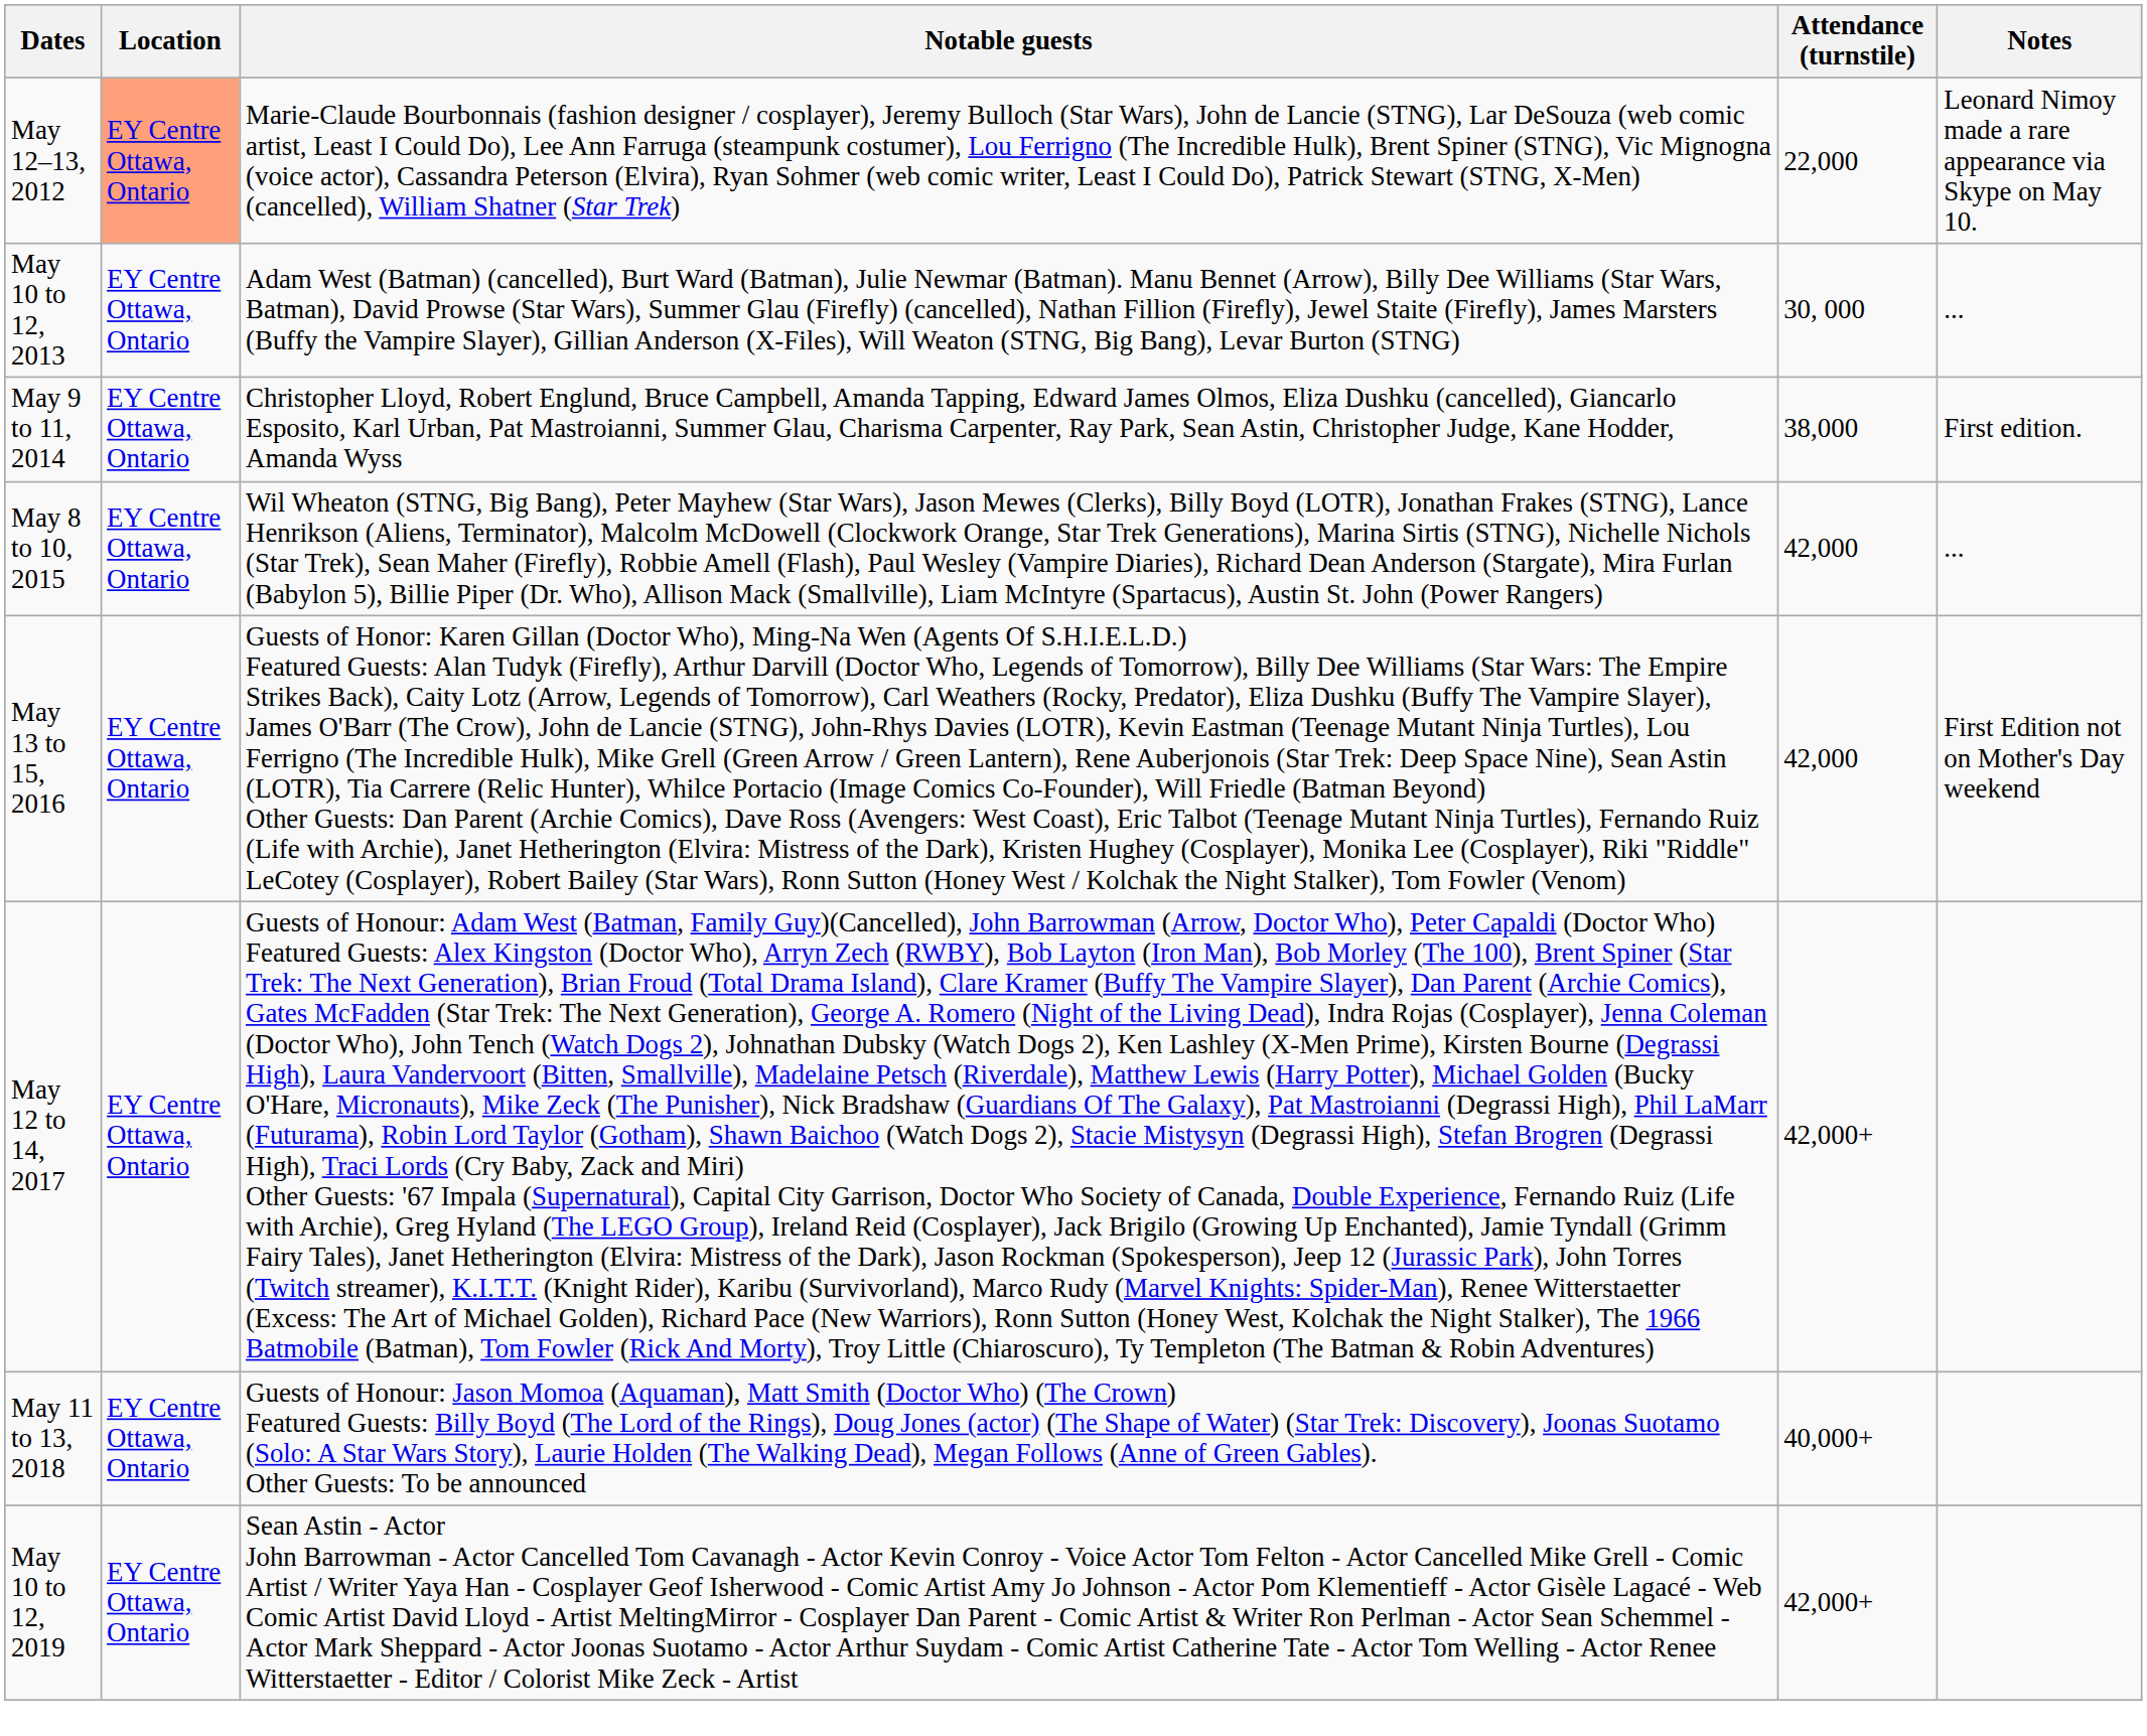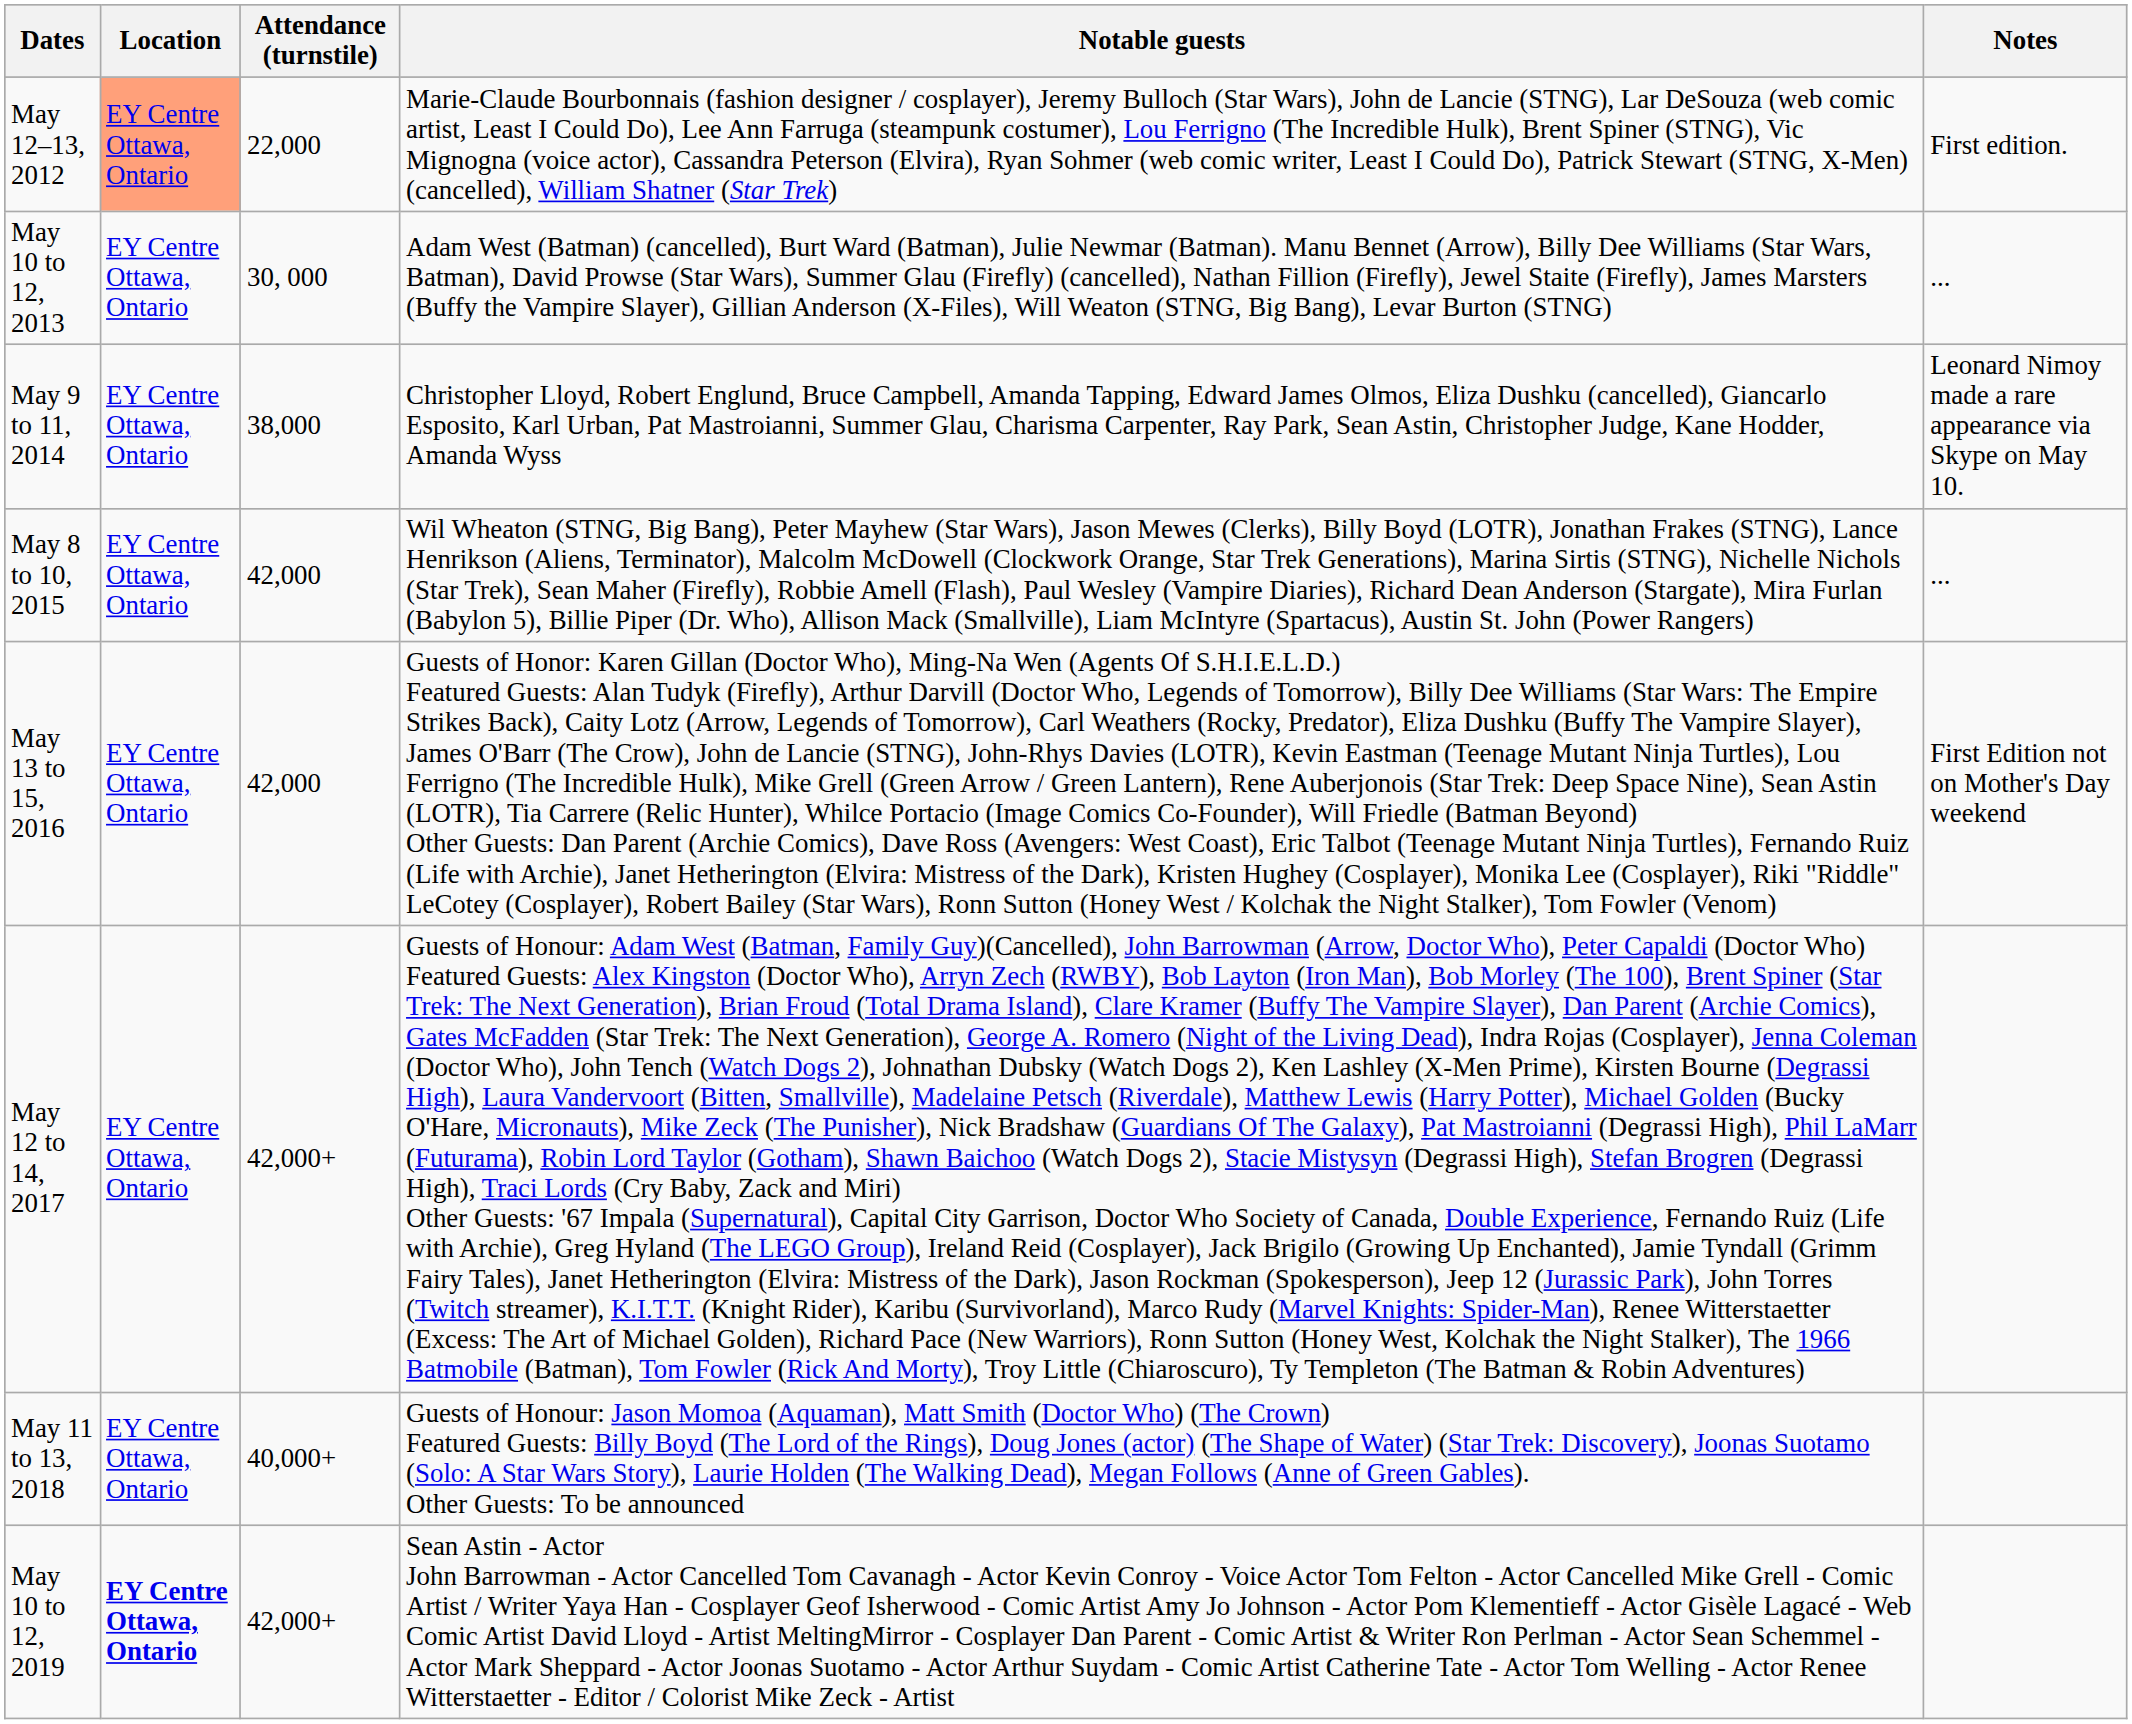 <table class="wikitable" width="100%">
 <tr>
 <th>Dates</th>
 <th>Location</th>
+<th>Attendance (turnstile)</th>
 <th>Notable guests</th>
-<th>Attendance (turnstile)</th>
 <th>Notes</th>
 </tr>
 <tr>
 <td>May 12–13, 2012</td>
 <td style="background: lightsalmon;"><a href='#'>EY Centre</a><br><a href='#'>Ottawa, Ontario</a></td>
+<td>22,000</td>
 <td>Marie-Claude Bourbonnais (fashion designer / cosplayer), Jeremy Bulloch (Star Wars), John de Lancie (STNG), Lar DeSouza (web comic artist, Least I Could Do), Lee Ann Farruga (steampunk costumer), <a href='#'>Lou Ferrigno</a> (The Incredible Hulk), Brent Spiner (STNG), Vic Mignogna (voice actor), Cassandra Peterson (Elvira), Ryan Sohmer (web comic writer, Least I Could Do), Patrick Stewart (STNG, X-Men) (cancelled), <a href='#'>William Shatner</a> (<em><a href='#'>Star Trek</a></em>)</td>
-<td>22,000</td>
-<td>Leonard Nimoy made a rare appearance via Skype on May 10.</td>
+<td>First edition.</td>
 </tr>
 <tr>
 <td>May 10 to 12, 2013</td>
 <td><a href='#'>EY Centre</a><br><a href='#'>Ottawa, Ontario</a></td>
+<td>30, 000 </td>
 <td>Adam West (Batman) (cancelled), Burt Ward (Batman), Julie Newmar (Batman). Manu Bennet (Arrow), Billy Dee Williams (Star Wars, Batman), David Prowse (Star Wars), Summer Glau (Firefly) (cancelled), Nathan Fillion (Firefly), Jewel Staite (Firefly), James Marsters (Buffy the Vampire Slayer), Gillian Anderson (X-Files), Will Weaton (STNG, Big Bang), Levar Burton (STNG)</td>
-<td>30, 000 </td>
 <td>...</td>
 </tr>
 <tr>
 <td>May 9 to 11, 2014</td>
 <td><a href='#'>EY Centre</a><br><a href='#'>Ottawa, Ontario</a></td>
+<td>38,000 </td>
 <td>Christopher Lloyd, Robert Englund, Bruce Campbell, Amanda Tapping, Edward James Olmos, Eliza Dushku (cancelled), Giancarlo Esposito, Karl Urban, Pat Mastroianni, Summer Glau, Charisma Carpenter, Ray Park, Sean Astin, Christopher Judge, Kane Hodder, Amanda Wyss</td>
-<td>38,000 </td>
-<td>First edition.</td>
+<td>Leonard Nimoy made a rare appearance via Skype on May 10.</td>
 </tr>
 <tr>
 <td>May 8 to 10, 2015</td>
 <td><a href='#'>EY Centre</a><br><a href='#'>Ottawa, Ontario</a></td>
+<td>42,000</td>
 <td>Wil Wheaton (STNG, Big Bang), Peter Mayhew (Star Wars), Jason Mewes (Clerks), Billy Boyd (LOTR), Jonathan Frakes (STNG), Lance Henrikson (Aliens, Terminator), Malcolm McDowell (Clockwork Orange, Star Trek Generations), Marina Sirtis (STNG), Nichelle Nichols (Star Trek),  Sean Maher (Firefly), Robbie Amell (Flash), Paul Wesley (Vampire Diaries), Richard Dean Anderson (Stargate), Mira Furlan (Babylon 5), Billie Piper (Dr. Who), Allison Mack (Smallville), Liam McIntyre (Spartacus), Austin St. John (Power Rangers)</td>
-<td>42,000</td>
 <td>...</td>
 </tr>
 <tr>
 <td>May 13 to 15, 2016</td>
 <td><a href='#'>EY Centre</a><br><a href='#'>Ottawa, Ontario</a></td>
+<td>42,000 </td>
 <td>Guests of Honor: Karen Gillan (Doctor Who), Ming-Na Wen (Agents Of S.H.I.E.L.D.)<br>Featured Guests: Alan Tudyk (Firefly), Arthur Darvill (Doctor Who, Legends of Tomorrow), Billy Dee Williams (Star Wars: The Empire Strikes Back), Caity Lotz (Arrow, Legends of Tomorrow), Carl Weathers (Rocky, Predator), Eliza Dushku (Buffy The Vampire Slayer), James O'Barr (The Crow), John de Lancie (STNG), John-Rhys Davies (LOTR), Kevin Eastman (Teenage Mutant Ninja Turtles), Lou Ferrigno (The Incredible Hulk), Mike Grell (Green Arrow / Green Lantern), Rene Auberjonois (Star Trek: Deep Space Nine), Sean Astin (LOTR), Tia Carrere (Relic Hunter), Whilce Portacio (Image Comics Co-Founder), Will Friedle (Batman Beyond)<br>Other Guests: Dan Parent (Archie Comics), Dave Ross (Avengers: West Coast), Eric Talbot (Teenage Mutant Ninja Turtles), Fernando Ruiz (Life with Archie), Janet Hetherington (Elvira: Mistress of the Dark), Kristen Hughey (Cosplayer), Monika Lee (Cosplayer), Riki "Riddle" LeCotey (Cosplayer), Robert Bailey (Star Wars), Ronn Sutton (Honey West / Kolchak the Night Stalker), Tom Fowler (Venom)</td>
-<td>42,000 </td>
 <td>First Edition not on Mother's Day weekend</td>
 </tr>
 <tr>
 <td>May 12 to 14, 2017</td>
 <td><a href='#'>EY Centre</a> <a href='#'>Ottawa, Ontario</a></td>
+<td>42,000+</td>
 <td>Guests of Honour: <a href='#'>Adam West</a> (<a href='#'>Batman</a>, <a href='#'>Family Guy</a>)(Cancelled), <a href='#'>John Barrowman</a> (<a href='#'>Arrow</a>, <a href='#'>Doctor Who</a>), <a href='#'>Peter Capaldi</a> (Doctor Who)<br>Featured Guests: <a href='#'>Alex Kingston</a> (Doctor Who), <a href='#'>Arryn Zech</a> (<a href='#'>RWBY</a>), <a href='#'>Bob Layton</a> (<a href='#'>Iron Man</a>), <a href='#'>Bob Morley</a> (<a href='#'>The 100</a>), <a href='#'>Brent Spiner</a> (<a href='#'>Star Trek: The Next Generation</a>), <a href='#'>Brian Froud</a> (<a href='#'>Total Drama Island</a>), <a href='#'>Clare Kramer</a> (<a href='#'>Buffy The Vampire Slayer</a>), <a href='#'>Dan Parent</a> (<a href='#'>Archie Comics</a>), <a href='#'>Gates McFadden</a> (Star Trek: The Next Generation), <a href='#'>George A. Romero</a> (<a href='#'>Night of the Living Dead</a>), Indra Rojas (Cosplayer), <a href='#'>Jenna Coleman</a> (Doctor Who), John Tench (<a href='#'>Watch Dogs 2</a>), Johnathan Dubsky (Watch Dogs 2), Ken Lashley (X-Men Prime), Kirsten Bourne (<a href='#'>Degrassi High</a>), <a href='#'>Laura Vandervoort</a> (<a href='#'>Bitten</a>, <a href='#'>Smallville</a>), <a href='#'>Madelaine Petsch</a> (<a href='#'>Riverdale</a>), <a href='#'>Matthew Lewis</a> (<a href='#'>Harry Potter</a>), <a href='#'>Michael Golden</a> (Bucky O'Hare, <a href='#'>Micronauts</a>), <a href='#'>Mike Zeck</a> (<a href='#'>The Punisher</a>), Nick Bradshaw (<a href='#'>Guardians Of The Galaxy</a>), <a href='#'>Pat Mastroianni</a> (Degrassi High), <a href='#'>Phil LaMarr</a> (<a href='#'>Futurama</a>), <a href='#'>Robin Lord Taylor</a> (<a href='#'>Gotham</a>), <a href='#'>Shawn Baichoo</a> (Watch Dogs 2), <a href='#'>Stacie Mistysyn</a> (Degrassi High), <a href='#'>Stefan Brogren</a> (Degrassi High), <a href='#'>Traci Lords</a> (Cry Baby, Zack and Miri)<br>Other Guests: '67 Impala (<a href='#'>Supernatural</a>), Capital City Garrison, Doctor Who Society of Canada, <a href='#'>Double Experience</a>, Fernando Ruiz (Life with Archie), Greg Hyland (<a href='#'>The LEGO Group</a>), Ireland Reid (Cosplayer), Jack Brigilo (Growing Up Enchanted), Jamie Tyndall (Grimm Fairy Tales), Janet Hetherington (Elvira: Mistress of the Dark), Jason Rockman (Spokesperson), Jeep 12 (<a href='#'>Jurassic Park</a>), John Torres (<a href='#'>Twitch</a> streamer), <a href='#'>K.I.T.T.</a> (Knight Rider), Karibu (Survivorland), Marco Rudy (<a href='#'>Marvel Knights: Spider-Man</a>), Renee Witterstaetter (Excess: The Art of Michael Golden), Richard Pace (New Warriors), Ronn Sutton (Honey West, Kolchak the Night Stalker), The <a href='#'>1966 Batmobile</a> (Batman), <a href='#'>Tom Fowler</a> (<a href='#'>Rick And Morty</a>), Troy Little (Chiaroscuro), Ty Templeton (The Batman & Robin Adventures)</td>
-<td>42,000+</td>
 <td></td>
 </tr>
 <tr>
 <td>May 11 to 13, 2018</td>
 <td><a href='#'>EY Centre</a> <a href='#'>Ottawa, Ontario</a></td>
+<td>40,000+</td>
 <td>Guests of Honour: <a href='#'>Jason Momoa</a> (<a href='#'>Aquaman</a>), <a href='#'>Matt Smith</a> (<a href='#'>Doctor Who</a>) (<a href='#'>The Crown</a>)<br>Featured Guests: <a href='#'>Billy Boyd</a> (<a href='#'>The Lord of the Rings</a>), <a href='#'>Doug Jones (actor)</a> (<a href='#'>The Shape of Water</a>) (<a href='#'>Star Trek: Discovery</a>), <a href='#'>Joonas Suotamo</a> (<a href='#'>Solo: A Star Wars Story</a>), <a href='#'>Laurie Holden</a> (<a href='#'>The Walking Dead</a>), <a href='#'>Megan Follows</a> (<a href='#'>Anne of Green Gables</a>).<br>Other Guests: To be announced</td>
-<td>40,000+</td>
 <td></td>
 </tr>
 <tr>
 <td>May 10 to 12, 2019</td>
-<td><a href='#'>EY Centre</a> <a href='#'>Ottawa, Ontario</a></td>
+<td><strong><a href='#'>EY Centre</a> <a href='#'>Ottawa, Ontario</a></strong></td>
+<td>42,000+</td>
 <td>Sean Astin - Actor<br>John Barrowman - Actor Cancelled Tom Cavanagh - Actor Kevin Conroy - Voice Actor Tom Felton - Actor Cancelled Mike Grell - Comic Artist / Writer Yaya Han - Cosplayer Geof Isherwood - Comic Artist Amy Jo Johnson - Actor Pom Klementieff - Actor Gisèle Lagacé - Web Comic Artist David Lloyd - Artist MeltingMirror - Cosplayer Dan Parent - Comic Artist & Writer Ron Perlman - Actor Sean Schemmel - Actor Mark Sheppard - Actor Joonas Suotamo - Actor Arthur Suydam - Comic Artist Catherine Tate - Actor Tom Welling - Actor Renee Witterstaetter - Editor / Colorist Mike Zeck - Artist</td>
-<td>42,000+</td>
 <td></td>
 </tr>
 </table>
